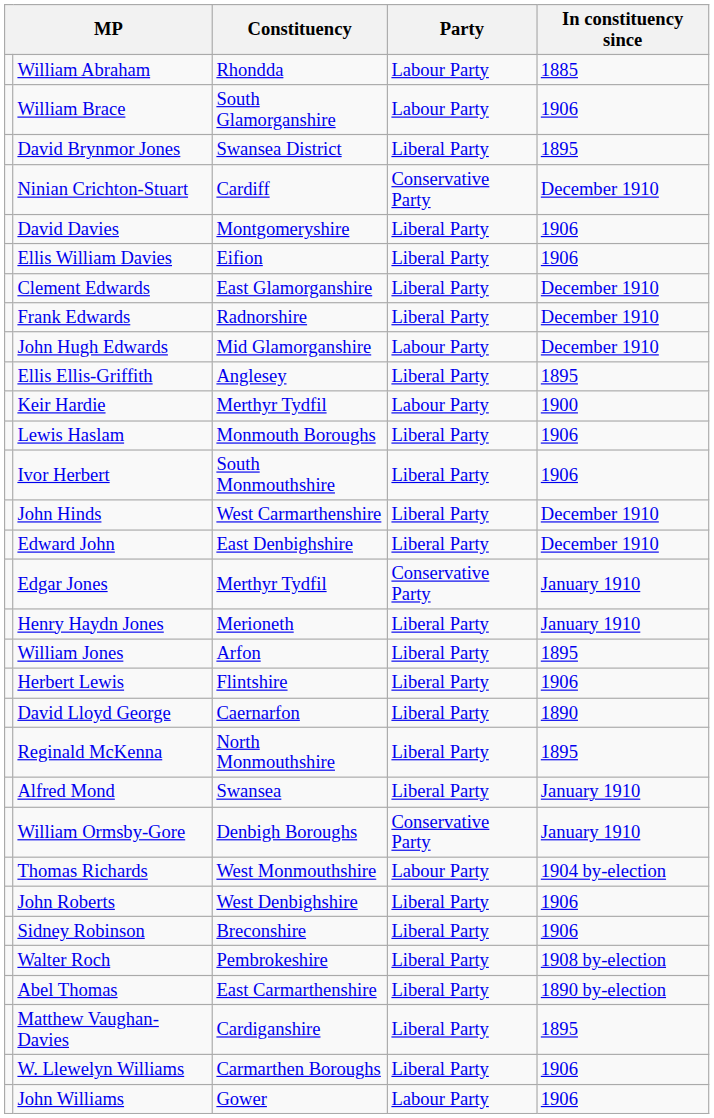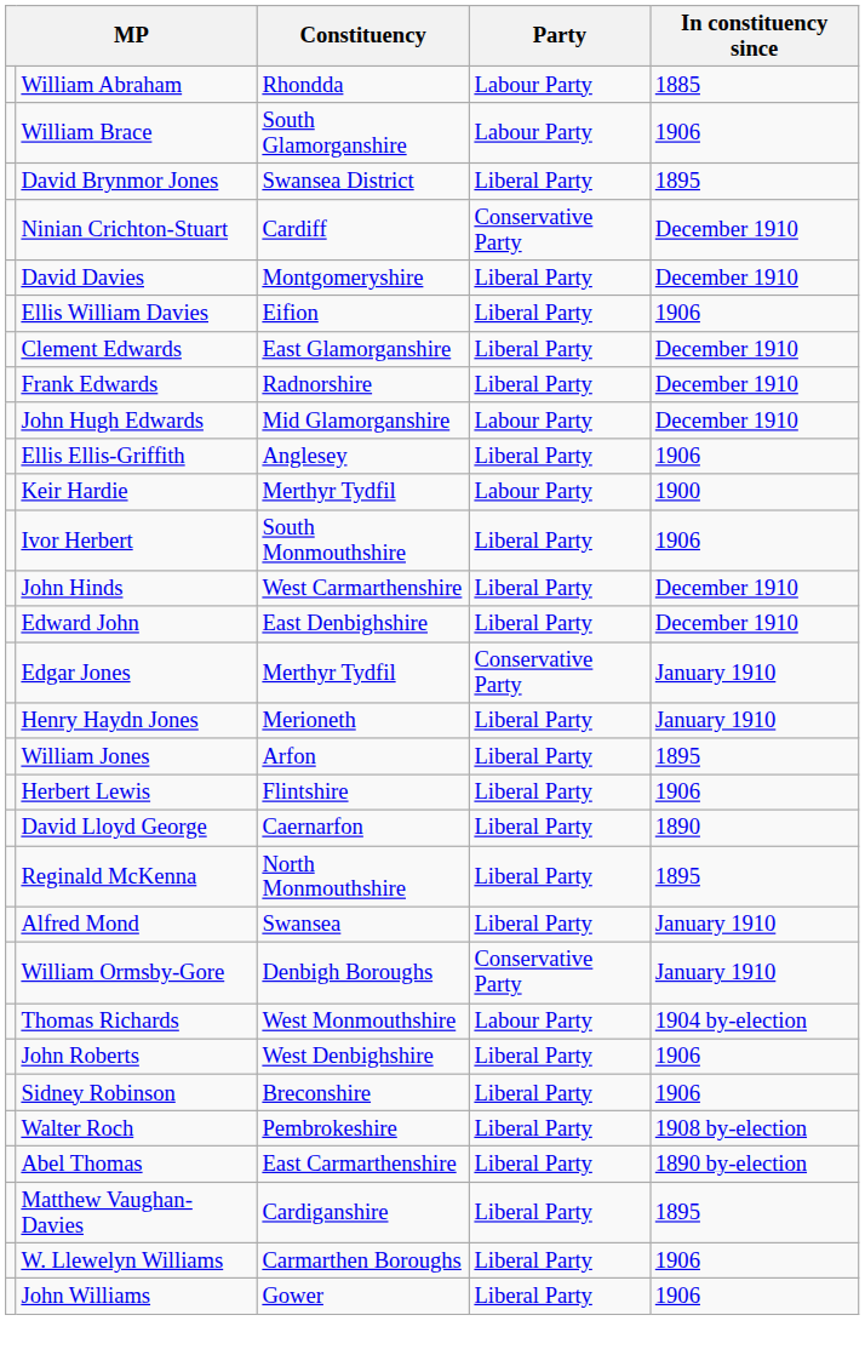 <table class="wikitable sortable">
 <tr>
 <th colspan="2">MP</th>
 <th>Constituency</th>
 <th>Party</th>
 <th>In constituency since</th>
 </tr>
 <tr>
 <td style="color:inherit;background-color: "></td>
 <td><a href='#'>William Abraham</a></td>
 <td><a href='#'>Rhondda</a></td>
 <td><a href='#'>Labour Party</a></td>
 <td><a href='#'>1885</a></td>
 </tr>
 <tr>
 <td style="color:inherit;background-color: "></td>
 <td><a href='#'>William Brace</a></td>
 <td><a href='#'>South Glamorganshire</a></td>
 <td><a href='#'>Labour Party</a></td>
 <td><a href='#'>1906</a></td>
 </tr>
 <tr>
 <td style="color:inherit;background-color: "></td>
 <td><a href='#'>David Brynmor Jones</a></td>
 <td><a href='#'>Swansea District</a></td>
 <td><a href='#'>Liberal Party</a></td>
 <td><a href='#'>1895</a></td>
 </tr>
 <tr>
 <td style="color:inherit;background-color: "></td>
 <td><a href='#'>Ninian Crichton-Stuart</a></td>
 <td><a href='#'>Cardiff</a></td>
 <td><a href='#'>Conservative Party</a></td>
 <td><a href='#'>December 1910</a></td>
 </tr>
 <tr>
 <td style="color:inherit;background-color: "></td>
 <td><a href='#'>David Davies</a></td>
 <td><a href='#'>Montgomeryshire</a></td>
 <td><a href='#'>Liberal Party</a></td>
-<td><a href='#'>1906</a></td>
+<td><a href='#'>December 1910</a></td>
 </tr>
 <tr>
 <td style="color:inherit;background-color: "></td>
 <td><a href='#'>Ellis William Davies</a></td>
 <td><a href='#'>Eifion</a></td>
 <td><a href='#'>Liberal Party</a></td>
 <td><a href='#'>1906</a></td>
 </tr>
 <tr>
 <td style="color:inherit;background-color: "></td>
 <td><a href='#'>Clement Edwards</a></td>
 <td><a href='#'>East Glamorganshire</a></td>
 <td><a href='#'>Liberal Party</a></td>
 <td><a href='#'>December 1910</a></td>
 </tr>
 <tr>
 <td style="color:inherit;background-color: "></td>
 <td><a href='#'>Frank Edwards</a></td>
 <td><a href='#'>Radnorshire</a></td>
 <td><a href='#'>Liberal Party</a></td>
 <td><a href='#'>December 1910</a></td>
 </tr>
 <tr>
 <td style="color:inherit;background-color: "></td>
 <td><a href='#'>John Hugh Edwards</a></td>
 <td><a href='#'>Mid Glamorganshire</a></td>
 <td><a href='#'>Labour Party</a></td>
 <td><a href='#'>December 1910</a></td>
 </tr>
 <tr>
 <td style="color:inherit;background-color: "></td>
 <td><a href='#'>Ellis Ellis-Griffith</a></td>
 <td><a href='#'>Anglesey</a></td>
 <td><a href='#'>Liberal Party</a></td>
-<td><a href='#'>1895</a></td>
+<td><a href='#'>1906</a></td>
 </tr>
 <tr>
 <td style="color:inherit;background-color: "></td>
 <td><a href='#'>Keir Hardie</a></td>
 <td><a href='#'>Merthyr Tydfil</a></td>
 <td><a href='#'>Labour Party</a></td>
 <td><a href='#'>1900</a></td>
-</tr>
-<tr>
-<td style="color:inherit;background-color: "></td>
-<td><a href='#'>Lewis Haslam</a></td>
-<td><a href='#'>Monmouth Boroughs</a></td>
-<td><a href='#'>Liberal Party</a></td>
-<td><a href='#'>1906</a></td>
 </tr>
 <tr>
 <td style="color:inherit;background-color: "></td>
 <td><a href='#'>Ivor Herbert</a></td>
 <td><a href='#'>South Monmouthshire</a></td>
 <td><a href='#'>Liberal Party</a></td>
 <td><a href='#'>1906</a></td>
 </tr>
 <tr>
 <td style="color:inherit;background-color: "></td>
 <td><a href='#'>John Hinds</a></td>
 <td><a href='#'>West Carmarthenshire</a></td>
 <td><a href='#'>Liberal Party</a></td>
 <td><a href='#'>December 1910</a></td>
 </tr>
 <tr>
 <td style="color:inherit;background-color: "></td>
 <td><a href='#'>Edward John</a></td>
 <td><a href='#'>East Denbighshire</a></td>
 <td><a href='#'>Liberal Party</a></td>
 <td><a href='#'>December 1910</a></td>
 </tr>
 <tr>
 <td style="color:inherit;background-color: "></td>
 <td><a href='#'>Edgar Jones</a></td>
 <td><a href='#'>Merthyr Tydfil</a></td>
 <td><a href='#'>Conservative Party</a></td>
 <td><a href='#'>January 1910</a></td>
 </tr>
 <tr>
 <td style="color:inherit;background-color: "></td>
 <td><a href='#'>Henry Haydn Jones</a></td>
 <td><a href='#'>Merioneth</a></td>
 <td><a href='#'>Liberal Party</a></td>
 <td><a href='#'>January 1910</a></td>
 </tr>
 <tr>
 <td style="color:inherit;background-color: "></td>
 <td><a href='#'>William Jones</a></td>
 <td><a href='#'>Arfon</a></td>
 <td><a href='#'>Liberal Party</a></td>
 <td><a href='#'>1895</a></td>
 </tr>
 <tr>
 <td style="color:inherit;background-color: "></td>
 <td><a href='#'>Herbert Lewis</a></td>
 <td><a href='#'>Flintshire</a></td>
 <td><a href='#'>Liberal Party</a></td>
 <td><a href='#'>1906</a></td>
 </tr>
 <tr>
 <td style="color:inherit;background-color: "></td>
 <td><a href='#'>David Lloyd George</a></td>
 <td><a href='#'>Caernarfon</a></td>
 <td><a href='#'>Liberal Party</a></td>
 <td><a href='#'>1890</a></td>
 </tr>
 <tr>
 <td style="color:inherit;background-color: "></td>
 <td><a href='#'>Reginald McKenna</a></td>
 <td><a href='#'>North Monmouthshire</a></td>
 <td><a href='#'>Liberal Party</a></td>
 <td><a href='#'>1895</a></td>
 </tr>
 <tr>
 <td style="color:inherit;background-color: "></td>
 <td><a href='#'>Alfred Mond</a></td>
 <td><a href='#'>Swansea</a></td>
 <td><a href='#'>Liberal Party</a></td>
 <td><a href='#'>January 1910</a></td>
 </tr>
 <tr>
 <td style="color:inherit;background-color: "></td>
 <td><a href='#'>William Ormsby-Gore</a></td>
 <td><a href='#'>Denbigh Boroughs</a></td>
 <td><a href='#'>Conservative Party</a></td>
 <td><a href='#'>January 1910</a></td>
 </tr>
 <tr>
 <td style="color:inherit;background-color: "></td>
 <td><a href='#'>Thomas Richards</a></td>
 <td><a href='#'>West Monmouthshire</a></td>
 <td><a href='#'>Labour Party</a></td>
 <td><a href='#'>1904 by-election</a></td>
 </tr>
 <tr>
 <td style="color:inherit;background-color: "></td>
 <td><a href='#'>John Roberts</a></td>
 <td><a href='#'>West Denbighshire</a></td>
 <td><a href='#'>Liberal Party</a></td>
 <td><a href='#'>1906</a></td>
 </tr>
 <tr>
 <td style="color:inherit;background-color: "></td>
 <td><a href='#'>Sidney Robinson</a></td>
 <td><a href='#'>Breconshire</a></td>
 <td><a href='#'>Liberal Party</a></td>
 <td><a href='#'>1906</a></td>
 </tr>
 <tr>
 <td style="color:inherit;background-color: "></td>
 <td><a href='#'>Walter Roch</a></td>
 <td><a href='#'>Pembrokeshire</a></td>
 <td><a href='#'>Liberal Party</a></td>
 <td><a href='#'>1908 by-election</a></td>
 </tr>
 <tr>
 <td style="color:inherit;background-color: "></td>
 <td><a href='#'>Abel Thomas</a></td>
 <td><a href='#'>East Carmarthenshire</a></td>
 <td><a href='#'>Liberal Party</a></td>
 <td><a href='#'>1890 by-election</a></td>
 </tr>
 <tr>
 <td style="color:inherit;background-color: "></td>
 <td><a href='#'>Matthew Vaughan-Davies</a></td>
 <td><a href='#'>Cardiganshire</a></td>
 <td><a href='#'>Liberal Party</a></td>
 <td><a href='#'>1895</a></td>
 </tr>
 <tr>
 <td style="color:inherit;background-color: "></td>
 <td><a href='#'>W. Llewelyn Williams</a></td>
 <td><a href='#'>Carmarthen Boroughs</a></td>
 <td><a href='#'>Liberal Party</a></td>
 <td><a href='#'>1906</a></td>
 </tr>
 <tr>
 <td style="color:inherit;background-color: "></td>
 <td><a href='#'>John Williams</a></td>
 <td><a href='#'>Gower</a></td>
-<td><a href='#'>Labour Party</a></td>
+<td><a href='#'>Liberal Party</a></td>
 <td><a href='#'>1906</a></td>
 </tr>
 </table>
